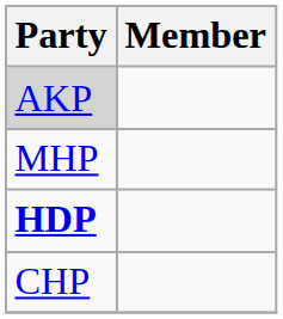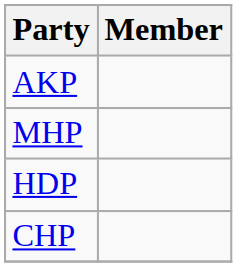 <table class="wikitable">
 <tr>
 <th>Party</th>
 <th colspan="2">Member</th>
 </tr>
 <tr>
-<td style="background: lightgrey;"><a href='#'>AKP</a></td>
+<td><a href='#'>AKP</a></td>
 <td></td>
 </tr>
 <tr>
 <td><a href='#'>MHP</a></td>
 <td></td>
 </tr>
 <tr>
-<td><strong><a href='#'>HDP</a></strong></td>
+<td><a href='#'>HDP</a></td>
 <td></td>
 </tr>
 <tr>
 <td><a href='#'>CHP</a></td>
 <td></td>
 </tr>
 <tr>
 </tr>
 </table>
